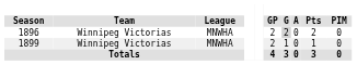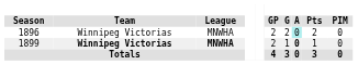 <table border="0" cellpadding="1" cellspacing="0" style="text-align:center; width:40em">
 <tr bgcolor="#e0e0e0">
 <th colspan="3" bgcolor="#ffffff"> </th>
 <th rowspan="99" bgcolor="#ffffff"> </th>
 <th rowspan="99" bgcolor="#ffffff"> </th>
 </tr>
 <tr bgcolor="#e0e0e0">
 <th>Season</th>
 <th>Team</th>
 <th>League</th>
 <th>GP</th>
 <th>G</th>
 <th>A</th>
 <th>Pts</th>
 <th>PIM</th>
 </tr>
 <tr>
 <td>1896</td>
 <td>Winnipeg Victorias</td>
 <td>MNWHA</td>
 <td>2</td>
-<td style="background: lightgrey;">2</td>
-<td>0</td>
+<td>2</td>
+<td style="background: paleturquoise;">0</td>
 <td>2</td>
 <td>0</td>
 </tr>
 <tr bgcolor="#f0f0f0">
 <td>1899</td>
-<td>Winnipeg Victorias</td>
-<td>MNWHA</td>
+<td><strong>Winnipeg Victorias</strong></td>
+<td><strong>MNWHA</strong></td>
 <td>2</td>
 <td>1</td>
-<td>0</td>
+<td><strong>0</strong></td>
 <td>1</td>
 <td>0</td>
 </tr>
 <tr bgcolor="#E0E0E0">
 <th colspan="3">Totals</th>
 <th>4</th>
 <th>3</th>
 <th>0</th>
 <th>3</th>
 <th>0</th>
 </tr>
 </table>
